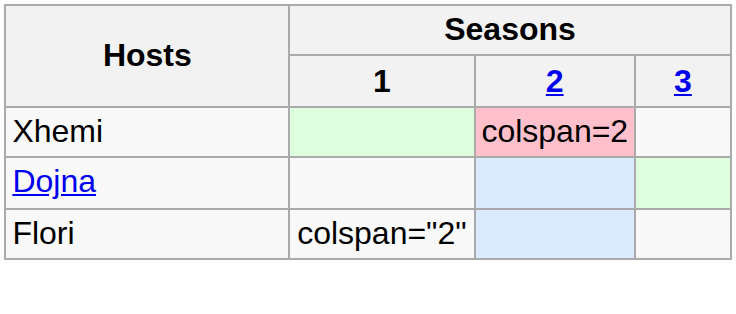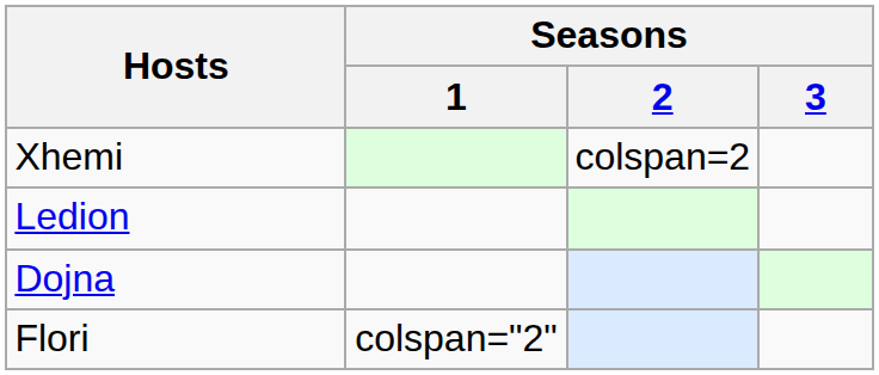 <table class="wikitable" width:"50%">
 <tr>
 <th rowspan="2" width="135">Hosts</th>
 <th colspan="3" style="text-align:center;">Seasons</th>
 </tr>
 <tr>
 <th width="40">1</th>
 <th width="40"><a href='#'>2</a></th>
 <th width="40"><a href='#'>3</a></th>
 </tr>
 <tr>
 <td>Xhemi</td>
 <td style="text-align:center;background:#ddffdd;"></td>
-<td style="background: pink;">colspan=2 </td>
+<td>colspan=2 </td>
+</tr>
+<tr>
+<td><a href='#'>Ledion</a></td>
+<td></td>
+<td style="text-align:center;background:#ddffdd;"></td>
+<td></td>
 </tr>
 <tr>
 <td><a href='#'>Dojna</a></td>
 <td></td>
 <td style="text-align:center;background:#DAEBFF;"></td>
 <td style="text-align:center;background:#ddffdd;"></td>
 </tr>
 <tr>
 <td>Flori</td>
 <td>colspan="2" </td>
 <td style="text-align:center;background:#DAEBFF;"></td>
 </tr>
 </table>
